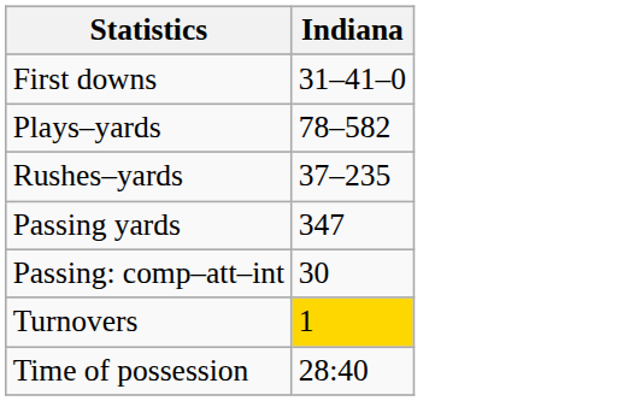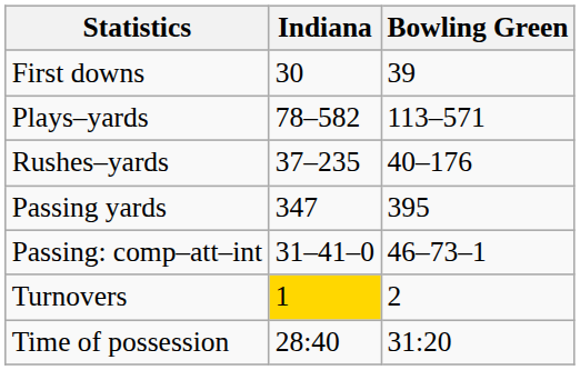 <table class="wikitable" style="float:left">
 <tr>
 <th>Statistics</th>
 <th>Indiana</th>
+<th>Bowling Green</th>
 </tr>
 <tr>
 <td>First downs</td>
-<td>31–41–0</td>
+<td>30</td>
+<td>39</td>
 </tr>
 <tr>
 <td>Plays–yards</td>
 <td>78–582</td>
+<td>113–571</td>
 </tr>
 <tr>
 <td>Rushes–yards</td>
 <td>37–235</td>
+<td>40–176</td>
 </tr>
 <tr>
 <td>Passing yards</td>
 <td>347</td>
+<td>395</td>
 </tr>
 <tr>
 <td>Passing: comp–att–int</td>
-<td>30</td>
+<td>31–41–0</td>
+<td>46–73–1</td>
 </tr>
 <tr>
 <td>Turnovers</td>
 <td style="background: gold;">1</td>
+<td>2</td>
 </tr>
 <tr>
 <td>Time of possession</td>
 <td>28:40</td>
+<td>31:20</td>
 </tr>
 </table>
